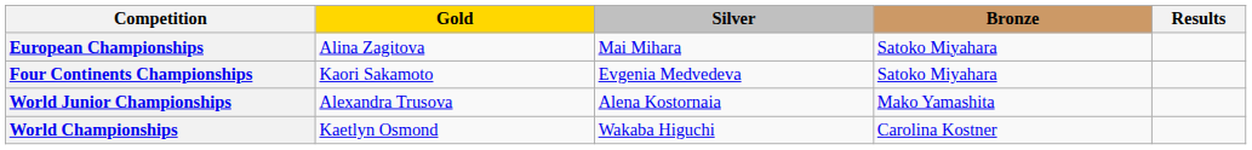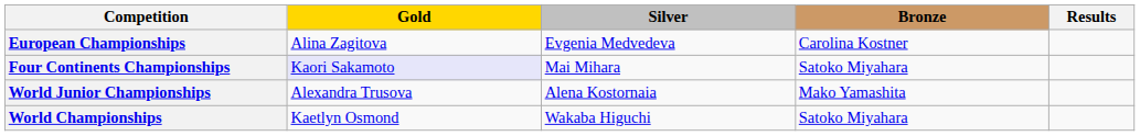 <table class="wikitable unsortable" style="text-align:left; width:90%">
 <tr>
 <th scope="col" style="text-align:center; width:25%;">Competition</th>
 <td scope="col" style="text-align:center; width:22.5%; background:gold"><strong>Gold</strong></td>
 <td scope="col" style="text-align:center; width:22.5%; background:silver"><strong>Silver</strong></td>
 <td scope="col" style="text-align:center; width:22.5%; background:#c96"><strong>Bronze</strong></td>
 <th scope="col" style="text-align:center; width:7.5%;">Results</th>
 </tr>
 <tr>
 <th scope="row" style="text-align:left"> <a href='#'>European Championships</a></th>
 <td> <a href='#'>Alina Zagitova</a></td>
-<td> <a href='#'>Mai Mihara</a></td>
-<td> <a href='#'>Satoko Miyahara</a></td>
+<td> <a href='#'>Evgenia Medvedeva</a></td>
+<td> <a href='#'>Carolina Kostner</a></td>
 <td></td>
 </tr>
 <tr>
 <th scope="row" style="text-align:left"> <a href='#'>Four Continents Championships</a></th>
-<td> <a href='#'>Kaori Sakamoto</a></td>
-<td> <a href='#'>Evgenia Medvedeva</a></td>
+<td style="background: lavender;"> <a href='#'>Kaori Sakamoto</a></td>
+<td> <a href='#'>Mai Mihara</a></td>
 <td> <a href='#'>Satoko Miyahara</a></td>
 <td></td>
 </tr>
 <tr>
 <th scope="row" style="text-align:left"> <a href='#'>World Junior Championships</a></th>
 <td> <a href='#'>Alexandra Trusova</a></td>
 <td> <a href='#'>Alena Kostornaia</a></td>
 <td> <a href='#'>Mako Yamashita</a></td>
 <td></td>
 </tr>
 <tr>
 <th scope="row" style="text-align:left"> <a href='#'>World Championships</a></th>
 <td> <a href='#'>Kaetlyn Osmond</a></td>
 <td> <a href='#'>Wakaba Higuchi</a></td>
-<td> <a href='#'>Carolina Kostner</a></td>
+<td> <a href='#'>Satoko Miyahara</a></td>
 <td></td>
 </tr>
 </table>
